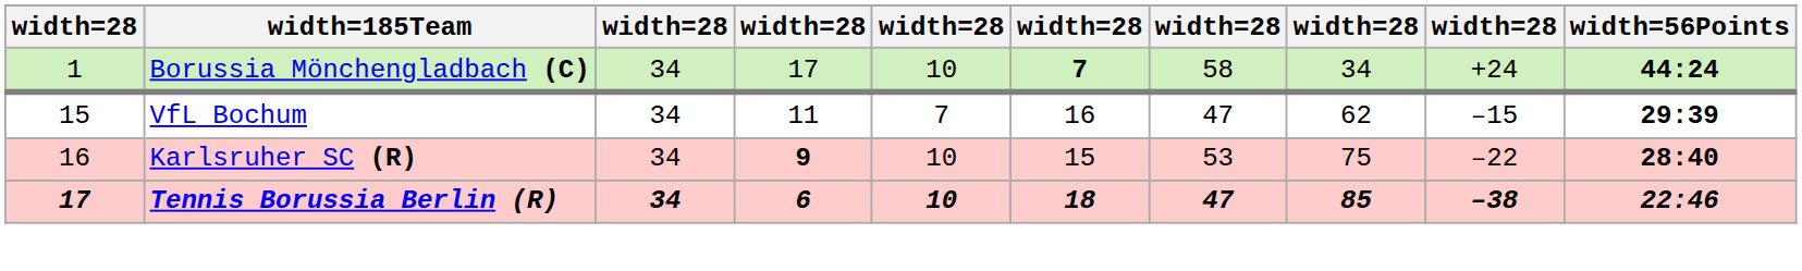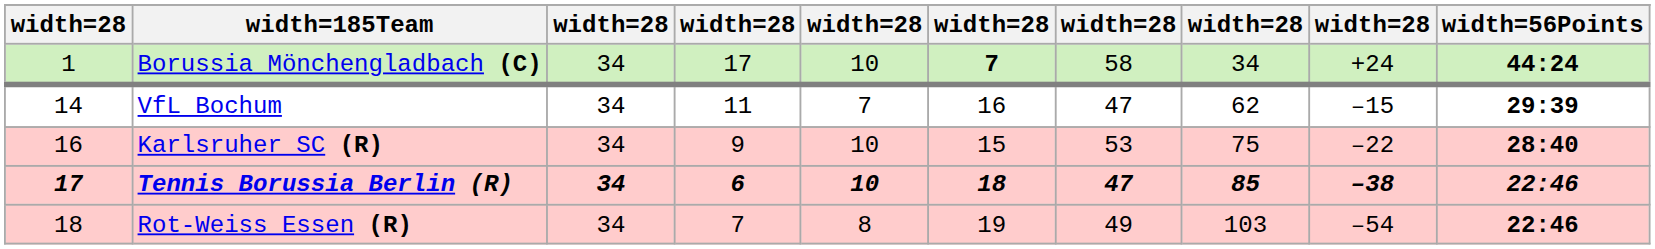 <table class="wikitable">
 <tr align="center" bgcolor="dfdfdf">
 </tr>
 <tr>
 <th>width=28<br></th>
 <th>width=185Team<br></th>
 <th>width=28<br></th>
 <th>width=28<br></th>
 <th>width=28<br></th>
 <th>width=28<br></th>
 <th>width=28<br></th>
 <th>width=28<br></th>
 <th>width=28<br></th>
 <th>width=56Points<br></th>
 </tr>
 <tr align="center" valign="top" bgcolor="D0F0C0">
 <td>1</td>
 <td align="left"><a href='#'>Borussia Mönchengladbach</a> <strong>(C)</strong></td>
 <td>34</td>
 <td>17</td>
 <td>10</td>
 <td><strong>7</strong></td>
 <td>58</td>
 <td>34</td>
 <td>+24</td>
 <td><strong>44:24</strong></td>
 </tr>
 <tr align="center" valign="top" bgcolor="#ffffff" style="border-top:3px solid grey;">
-<td>15</td>
+<td>14</td>
 <td align="left"><a href='#'>VfL Bochum</a></td>
 <td>34</td>
 <td>11</td>
 <td>7</td>
 <td>16</td>
 <td>47</td>
 <td>62</td>
 <td>–15</td>
 <td><strong>29:39</strong></td>
 </tr>
 <tr align="center" valign="top" bgcolor="#FFCCCC">
 <td>16</td>
 <td align="left"><a href='#'>Karlsruher SC</a> <strong>(R)</strong></td>
 <td>34</td>
-<td><strong>9</strong></td>
+<td>9</td>
 <td>10</td>
 <td>15</td>
 <td>53</td>
 <td>75</td>
 <td>–22</td>
 <td><strong>28:40</strong></td>
 </tr>
 <tr align="center" valign="top" bgcolor="#FFCCCC">
 <td><strong><em>17</em></strong></td>
 <td align="left"><strong><em><a href='#'>Tennis Borussia Berlin</a> (R)</em></strong></td>
 <td><strong><em>34</em></strong></td>
 <td><strong><em>6</em></strong></td>
 <td><strong><em>10</em></strong></td>
 <td><strong><em>18</em></strong></td>
 <td><strong><em>47</em></strong></td>
 <td><strong><em>85</em></strong></td>
 <td><strong><em>–38</em></strong></td>
 <td><strong><em>22:46</em></strong></td>
 </tr>
+<tr align="center" valign="top" bgcolor="#FFCCCC">
+<td>18</td>
+<td align="left"><a href='#'>Rot-Weiss Essen</a> <strong>(R)</strong></td>
+<td>34</td>
+<td>7</td>
+<td>8</td>
+<td>19</td>
+<td>49</td>
+<td>103</td>
+<td>–54</td>
+<td><strong>22:46</strong></td>
+</tr>
 </table>
